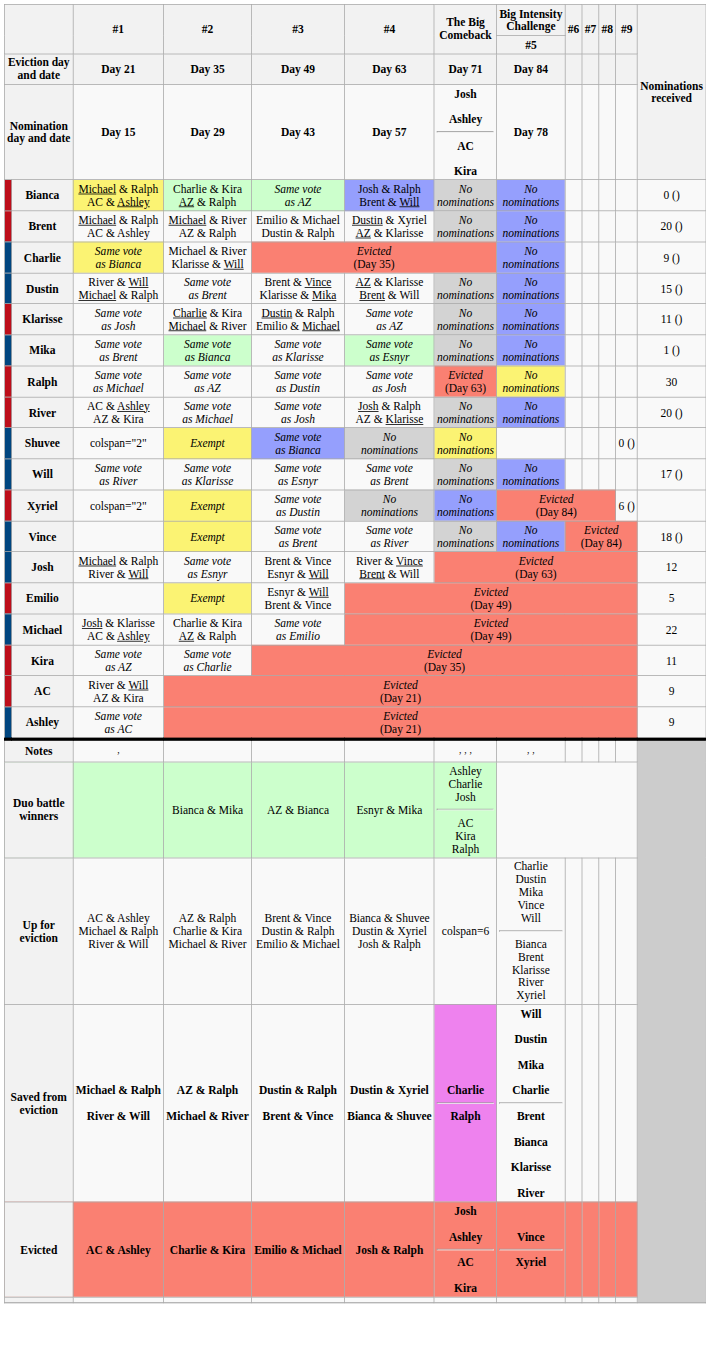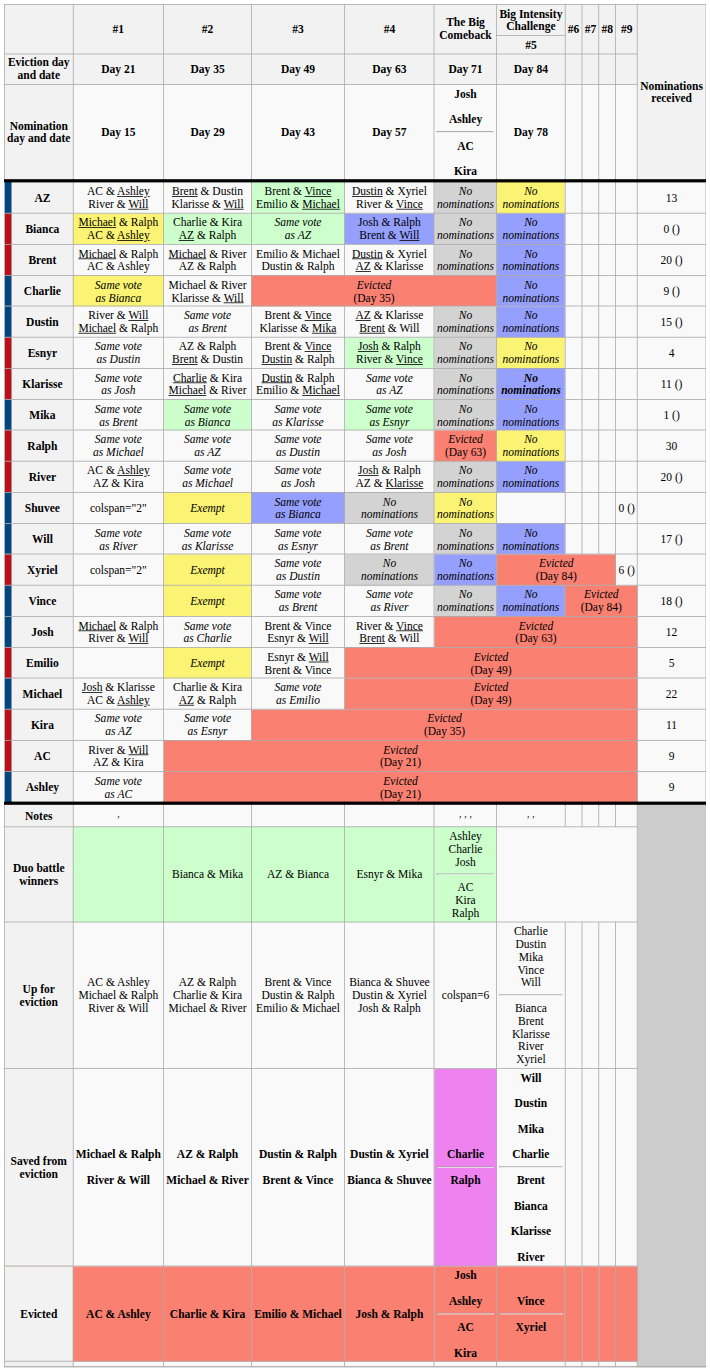 <table class="wikitable" style="margin:1em auto; font-size:90%; line-height:16px; text-align:center; white-space: nowrap;">
 <tr>
 <th rowspan="2" colspan=2 width="5%"></th>
 <th rowspan="2" width="9%">#1</th>
 <th rowspan="2" width="9%">#2</th>
 <th rowspan="2" width="9%">#3</th>
 <th rowspan="2" width="9%">#4</th>
 <th rowspan="2" width="9%">The Big<br>Comeback</th>
 <th width="9%">Big Intensity<br>Challenge</th>
 <th rowspan="2" width="9%">#6</th>
 <th rowspan="2" width="9%">#7</th>
 <th rowspan="2" width="9%">#8</th>
 <th rowspan="2" width="9%">#9</th>
 <th width="5%" rowspan="4">Nominations<br>received</th>
 </tr>
 <tr>
 <th>#5</th>
 </tr>
 <tr>
 <th colspan=2>Eviction day<br>and date</th>
 <th>Day 21<br></th>
 <th>Day 35<br></th>
 <th>Day 49<br></th>
 <th>Day 63<br></th>
 <th>Day 71<br></th>
 <th>Day 84<br></th>
 <th></th>
 <th></th>
 <th></th>
 <th></th>
 </tr>
 <tr>
 <th colspan=2>Nomination<br>day and date</th>
 <td><strong>Day 15</strong><br></td>
 <td><strong>Day 29</strong><br></td>
 <td><strong>Day 43</strong><br></td>
 <td><strong>Day 57</strong><br></td>
 <td><strong>Josh</strong><br><br><strong>Ashley</strong><br><hr><strong>AC</strong><br><br><strong>Kira</strong><br></td>
 <td><strong>Day 78</strong><br></td>
 <td></td>
 <td></td>
 <td></td>
 <td></td>
+</tr>
+<tr style="border-top: 4px solid;">
+<td style="background:#004680"></td>
+<th>AZ</th>
+<td>AC & <u>Ashley</u><br>River & <u>Will</u></td>
+<td><u>Brent</u> & Dustin<br>Klarisse & <u>Will</u></td>
+<td style="background-color:#CCFFCC">Brent & <u>Vince</u><br>Emilio & <u>Michael</u></td>
+<td><u>Dustin</u> & Xyriel<br>River & <u>Vince</u></td>
+<td style="background:lightgray;"><em>No<br>nominations</em></td>
+<td style="background:#FBF373;"><em>No<br>nominations</em></td>
+<td></td>
+<td></td>
+<td></td>
+<td></td>
+<td>13</td>
 </tr>
 <tr>
 <td style="background:#BD0E1A"></td>
 <th>Bianca</th>
 <td style="background:#FBF373;"><u>Michael</u> & Ralph<br>AC & <u>Ashley</u></td>
 <td style="background-color:#CCFFCC">Charlie & Kira<br><u>AZ</u> & Ralph</td>
 <td style="background-color:#CCFFCC"><em>Same vote<br>as AZ</em></td>
 <td style="background:#959FFD;">Josh & Ralph<br>Brent & <u>Will</u></td>
 <td style="background:lightgray;"><em>No<br>nominations</em></td>
 <td style="background:#959FFD;"><em>No<br>nominations</em></td>
 <td></td>
 <td></td>
 <td></td>
 <td></td>
 <td>0 ()</td>
 </tr>
 <tr>
 <td style="background:#BD0E1A"></td>
 <th>Brent</th>
 <td><u>Michael</u> & Ralph<br>AC & Ashley</td>
 <td><u>Michael</u> & River<br>AZ & Ralph</td>
 <td>Emilio & Michael<br>Dustin & Ralph</td>
 <td><u>Dustin</u> & Xyriel<br><u>AZ</u> & Klarisse</td>
 <td style="background:lightgray;"><em>No<br>nominations</em></td>
 <td style="background:#959FFD;"><em>No<br>nominations</em></td>
 <td></td>
 <td></td>
 <td></td>
 <td></td>
 <td>20 ()</td>
 </tr>
 <tr>
 <td style="background:#004680"></td>
 <th>Charlie</th>
 <td style="background:#FBF373;"><em>Same vote<br>as Bianca</em></td>
 <td>Michael & River<br>Klarisse & <u>Will</u></td>
 <td colspan="3" style="background:#FA8072"><em>Evicted</em><br>(Day 35)</td>
 <td style="background:#959FFD;"><em>No<br>nominations</em></td>
 <td></td>
 <td></td>
 <td></td>
 <td></td>
 <td>9 ()</td>
 </tr>
 <tr>
 <td style="background:#004680"></td>
 <th>Dustin</th>
 <td>River & <u>Will</u><br><u>Michael</u> & Ralph</td>
 <td><em>Same vote<br>as Brent</em></td>
 <td>Brent & <u>Vince</u><br>Klarisse & <u>Mika</u></td>
 <td><u>AZ</u> & Klarisse<br><u>Brent</u> & Will</td>
 <td style="background:lightgray;"><em>No<br>nominations</em></td>
 <td style="background:#959FFD;"><em>No<br>nominations</em></td>
 <td></td>
 <td></td>
 <td></td>
 <td></td>
 <td>15 ()</td>
 </tr>
 <tr>
 <td style="background:#BD0E1A"></td>
+<th>Esnyr</th>
+<td><em>Same vote<br>as Dustin</em></td>
+<td>AZ & Ralph<br><u>Brent</u> & Dustin</td>
+<td>Brent & <u>Vince</u><br><u>Dustin</u> & Ralph</td>
+<td style="background-color:#CCFFCC"><u>Josh</u> & Ralph<br>River & <u>Vince</u></td>
+<td style="background:lightgray;"><em>No<br>nominations</em></td>
+<td style="background:#FBF373;"><em>No<br>nominations</em></td>
+<td></td>
+<td></td>
+<td></td>
+<td></td>
+<td>4</td>
+</tr>
+<tr>
+<td style="background:#BD0E1A"></td>
 <th>Klarisse</th>
 <td><em>Same vote<br>as Josh</em></td>
 <td><u>Charlie</u> & Kira<br><u>Michael</u> & River</td>
 <td><u>Dustin</u> & Ralph<br>Emilio & <u>Michael</u></td>
 <td><em>Same vote<br>as AZ</em></td>
 <td style="background:lightgray;"><em>No<br>nominations</em></td>
-<td style="background:#959FFD;"><em>No<br>nominations</em></td>
+<td style="background:#959FFD;"><strong><em>No<br>nominations</em></strong></td>
 <td></td>
 <td></td>
 <td></td>
 <td></td>
 <td>11 ()</td>
 </tr>
 <tr>
 <td style="background:#004680"></td>
 <th>Mika</th>
 <td><em>Same vote<br>as Brent</em></td>
 <td style="background-color:#CCFFCC"><em>Same vote<br>as Bianca</em></td>
 <td><em>Same vote<br>as Klarisse</em></td>
 <td style="background-color:#CCFFCC"><em>Same vote<br>as Esnyr</em></td>
 <td style="background:lightgray;"><em>No<br>nominations</em></td>
 <td style="background:#959FFD;"><em>No<br>nominations</em></td>
 <td></td>
 <td></td>
 <td></td>
 <td></td>
 <td>1 ()</td>
 </tr>
 <tr>
 <td style="background:#BD0E1A"></td>
 <th>Ralph</th>
 <td><em>Same vote<br>as Michael</em></td>
 <td><em>Same vote<br>as AZ</em></td>
 <td><em>Same vote<br>as Dustin</em></td>
 <td><em>Same vote<br>as Josh</em></td>
 <td style="background:#FA8072"><em>Evicted</em><br>(Day 63)</td>
 <td style="background:#FBF373;"><em>No<br>nominations</em></td>
 <td></td>
 <td></td>
 <td></td>
 <td></td>
 <td>30</td>
 </tr>
 <tr>
 <td style="background:#BD0E1A"></td>
 <th>River</th>
 <td>AC & <u>Ashley</u><br>AZ & Kira</td>
 <td><em>Same vote<br>as Michael</em></td>
 <td><em>Same vote<br>as Josh</em></td>
 <td><u>Josh</u> & Ralph<br>AZ & <u>Klarisse</u></td>
 <td style="background:lightgray;"><em>No<br>nominations</em></td>
 <td style="background:#959FFD;"><em>No<br>nominations</em></td>
 <td></td>
 <td></td>
 <td></td>
 <td></td>
 <td>20 ()</td>
 </tr>
 <tr>
 <td style="background:#004680"></td>
 <th>Shuvee</th>
 <td>colspan="2" </td>
 <td style="background:#FBF373;"><em>Exempt</em></td>
 <td style="background:#959FFD;"><em>Same vote<br>as Bianca</em></td>
 <td style="background:lightgray;"><em>No<br>nominations</em></td>
 <td style="background:#FBF373;"><em>No<br>nominations</em></td>
 <td></td>
 <td></td>
 <td></td>
 <td></td>
 <td>0 ()</td>
 </tr>
 <tr>
 <td style="background:#004680"></td>
 <th>Will</th>
 <td><em>Same vote<br>as River</em></td>
 <td><em>Same vote<br>as Klarisse</em></td>
 <td><em>Same vote<br>as Esnyr</em></td>
 <td><em>Same vote<br>as Brent</em></td>
 <td style="background:lightgray;"><em>No<br>nominations</em></td>
 <td style="background:#959FFD;"><em>No<br>nominations</em></td>
 <td></td>
 <td></td>
 <td></td>
 <td></td>
 <td>17 ()</td>
 </tr>
 <tr>
 <td style="background:#BD0E1A"></td>
 <th>Xyriel</th>
 <td>colspan="2" </td>
 <td style="background:#FBF373;"><em>Exempt</em></td>
 <td><em>Same vote<br>as Dustin</em></td>
 <td style="background:lightgray;"><em>No<br>nominations</em></td>
 <td style="background:#959FFD;"><em>No<br>nominations</em></td>
 <td colspan="4" style="background:#FA8072"><em>Evicted</em><br>(Day 84)</td>
 <td>6 ()</td>
 </tr>
 <tr>
 <td style="background:#004680"></td>
 <th>Vince</th>
 <td></td>
 <td style="background:#FBF373;"><em>Exempt</em></td>
 <td><em>Same vote<br>as Brent</em></td>
 <td><em>Same vote<br>as River</em></td>
 <td style="background:lightgray;"><em>No<br>nominations</em></td>
 <td style="background:#959FFD;"><em>No<br>nominations</em></td>
 <td colspan="4" style="background:#FA8072"><em>Evicted</em><br>(Day 84)</td>
 <td>18 ()</td>
 </tr>
 <tr>
 <td style="background:#004680"></td>
 <th>Josh</th>
 <td><u>Michael</u> & Ralph<br>River & <u>Will</u></td>
-<td><em>Same vote<br>as Esnyr</em></td>
+<td><em>Same vote<br>as Charlie</em></td>
 <td>Brent & Vince<br>Esnyr & <u>Will</u></td>
 <td>River & <u>Vince</u><br><u>Brent</u> & Will</td>
 <td colspan="6" style="background:#FA8072"><em>Evicted</em><br>(Day 63)</td>
 <td>12</td>
 </tr>
 <tr>
 <td style="background:#BD0E1A"></td>
 <th>Emilio</th>
 <td></td>
 <td style="background:#FBF373;"><em>Exempt</em></td>
 <td>Esnyr & <u>Will</u><br>Brent & Vince</td>
 <td colspan="7" style="background:#FA8072"><em>Evicted</em><br>(Day 49)</td>
 <td>5</td>
 </tr>
 <tr>
 <td style="background:#004680"></td>
 <th>Michael</th>
 <td><u>Josh</u> & Klarisse<br>AC & <u>Ashley</u></td>
 <td>Charlie & Kira<br><u>AZ</u> & Ralph</td>
 <td><em>Same vote<br>as Emilio</em></td>
 <td colspan="7" style="background:#FA8072"><em>Evicted</em><br>(Day 49)</td>
 <td>22</td>
 </tr>
 <tr>
 <td style="background:#BD0E1A"></td>
 <th>Kira</th>
 <td><em>Same vote<br>as AZ</em></td>
-<td><em>Same vote<br>as Charlie</em></td>
+<td><em>Same vote<br>as Esnyr</em></td>
 <td colspan="8" style="background:#FA8072"><em>Evicted</em><br>(Day 35)</td>
 <td>11</td>
 </tr>
 <tr>
 <td style="background:#BD0E1A"></td>
 <th>AC</th>
 <td>River & <u>Will</u><br>AZ & Kira</td>
 <td colspan="9" style="background:#FA8072"><em>Evicted</em><br>(Day 21)</td>
 <td>9</td>
 </tr>
 <tr>
 <td style="background:#004680"></td>
 <th>Ashley</th>
 <td><em>Same vote<br>as AC</em></td>
 <td colspan="9" style="background:#FA8072"><em>Evicted</em><br>(Day 21)</td>
 <td>9</td>
 </tr>
 <tr style="border-top: 4px solid;">
 <th colspan=2>Notes</th>
 <td><sup>,</sup> </td>
 <td></td>
 <td></td>
 <td></td>
 <td><sup>,</sup> <sup>,</sup> <sup>,</sup> </td>
 <td><sup>,</sup>  <sup>,</sup> </td>
 <td></td>
 <td></td>
 <td></td>
 <td></td>
 <td rowspan=6 style="background:#CCCCCC"></td>
 </tr>
 <tr style="background:#CCFFCC">
 <th colspan=2>Duo battle<br>winners</th>
 <td></td>
 <td>Bianca & Mika</td>
 <td>AZ & Bianca</td>
 <td>Esnyr & Mika</td>
 <td>Ashley<br>Charlie<br>Josh<hr>AC<br>Kira<br>Ralph</td>
 </tr>
 <tr>
 <th colspan=2>Up for<br>eviction</th>
 <td>AC & Ashley<br>Michael & Ralph<br>River & Will</td>
 <td>AZ & Ralph<br>Charlie & Kira<br>Michael & River</td>
 <td>Brent & Vince<br>Dustin & Ralph<br>Emilio & Michael</td>
 <td>Bianca & Shuvee<br>Dustin & Xyriel<br>Josh & Ralph</td>
 <td>colspan=6 </td>
 <td>Charlie<br>Dustin<br>Mika<br>Vince<br>Will<hr>Bianca<br>Brent<br>Klarisse<br>River<br>Xyriel</td>
 <td></td>
 <td></td>
 <td></td>
 <td></td>
 </tr>
 <tr>
 <th colspan=2>Saved from<br>eviction</th>
 <td><strong>Michael & Ralph</strong><br><br><strong>River & Will</strong><br></td>
 <td><strong>AZ & Ralph</strong><br><br><strong>Michael & River</strong><br></td>
 <td><strong>Dustin & Ralph</strong><br> <br><strong>Brent & Vince</strong><br></td>
 <td><strong>Dustin & Xyriel</strong><br><br><strong>Bianca & Shuvee</strong><br></td>
 <td style="background:violet"><strong>Charlie</strong><br><hr><strong>Ralph</strong><br></td>
 <td><strong>Will</strong><br><br><strong>Dustin</strong><br><br><strong>Mika</strong><br><br><strong>Charlie</strong><br><hr><strong>Brent</strong><br><br><strong>Bianca</strong><br><br><strong>Klarisse</strong><br><br><strong>River</strong><br></td>
 <td></td>
 <td></td>
 <td></td>
 </tr>
 <tr style="background:#FA8072">
 <th colspan=2>Evicted</th>
 <td><strong>AC & Ashley</strong><br></td>
 <td><strong>Charlie & Kira</strong><br></td>
 <td><strong>Emilio & Michael</strong><br></td>
 <td><strong>Josh & Ralph</strong><br></td>
 <td><strong>Josh</strong><br><br><strong>Ashley</strong><br><hr><strong>AC</strong><br><br><strong>Kira</strong><br></td>
 <td><strong>Vince</strong><br><hr><strong>Xyriel</strong><br></td>
 <td></td>
 <td></td>
 <td></td>
 <td></td>
 </tr>
 <tr>
 <th colspan=2></th>
 <td></td>
 <td></td>
 <td></td>
 <td></td>
 <td></td>
 <td></td>
 <td></td>
 <td></td>
 <td></td>
 <td></td>
 </tr>
 <tr>
 </tr>
 </table>
